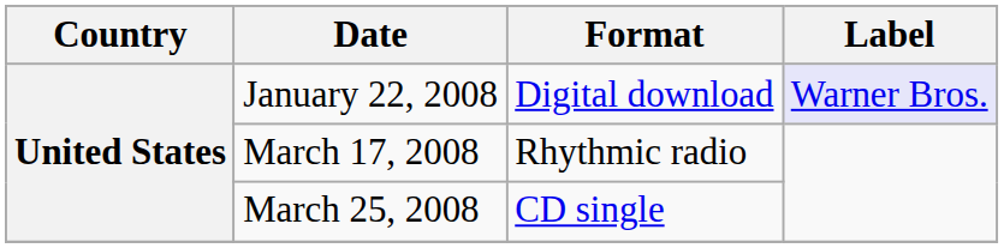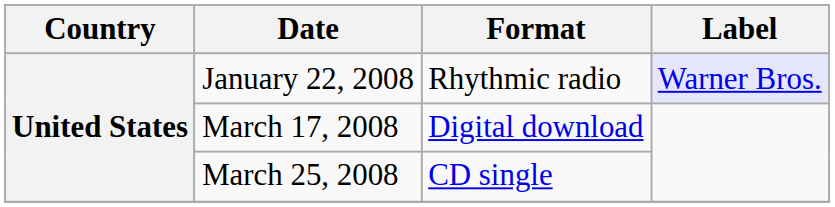 <table class="wikitable plainrowheaders">
 <tr>
 <th scope="col">Country</th>
 <th scope="col">Date</th>
 <th scope="col">Format</th>
 <th scope="col">Label</th>
 </tr>
 <tr>
 <th scope="row" rowspan="3">United States</th>
 <td>January 22, 2008</td>
-<td><a href='#'>Digital download</a></td>
+<td>Rhythmic radio</td>
 <td style="background: lavender;"><a href='#'>Warner Bros.</a></td>
 </tr>
 <tr>
 <td>March 17, 2008</td>
-<td>Rhythmic radio</td>
+<td><a href='#'>Digital download</a></td>
 <td rowspan="2"></td>
 </tr>
 <tr>
 <td>March 25, 2008</td>
 <td><a href='#'>CD single</a></td>
 </tr>
 <tr TaylorGang>
 </tr>
 </table>
